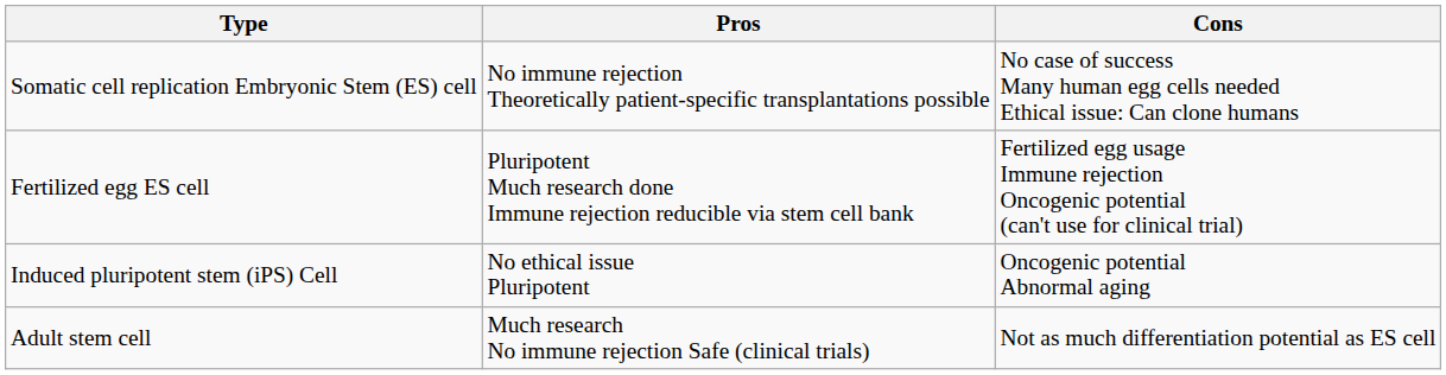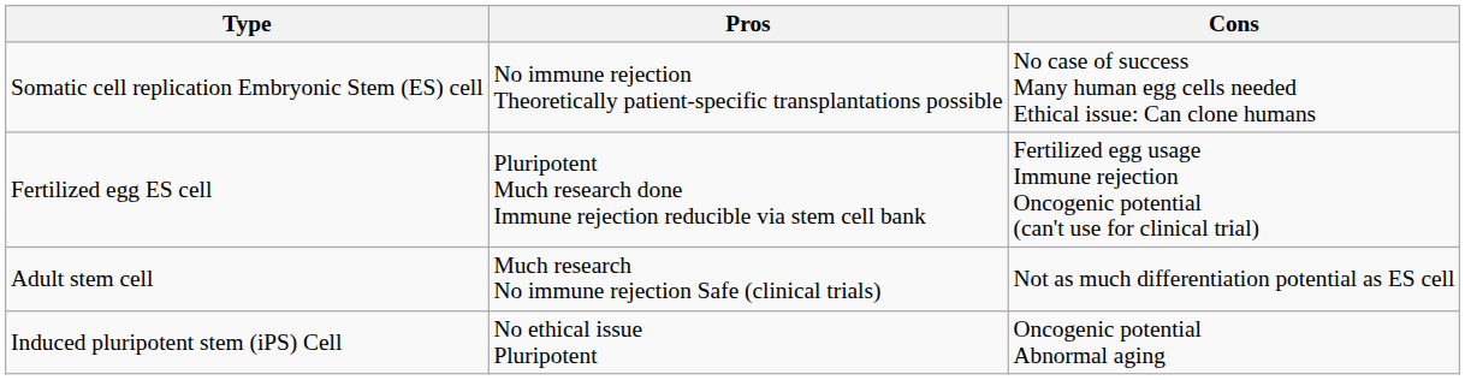 <table class="wikitable">
 <tr>
 <th>Type</th>
 <th>Pros</th>
 <th>Cons</th>
 </tr>
 <tr>
 <td>Somatic cell replication Embryonic Stem (ES) cell</td>
 <td>No immune rejection<br>Theoretically patient-specific transplantations possible</td>
 <td>No case of success<br>Many human egg cells needed<br>Ethical issue: Can clone humans</td>
 </tr>
 <tr>
 <td>Fertilized egg ES cell</td>
 <td>Pluripotent<br>Much research done<br>Immune rejection reducible via stem cell bank</td>
 <td>Fertilized egg usage<br>Immune rejection<br>Oncogenic potential<br>(can't use for clinical trial)</td>
 </tr>
 <tr>
+<td>Adult stem cell</td>
+<td>Much research<br>No immune rejection Safe (clinical trials)</td>
+<td>Not as much differentiation potential as ES cell</td>
+</tr>
+<tr>
 <td>Induced pluripotent stem (iPS) Cell</td>
 <td>No ethical issue<br>Pluripotent</td>
 <td>Oncogenic potential<br>Abnormal aging</td>
 </tr>
-<tr>
-<td>Adult stem cell</td>
-<td>Much research<br>No immune rejection Safe (clinical trials)</td>
-<td>Not as much differentiation potential as ES cell</td>
-</tr>
 </table>
